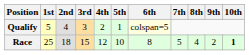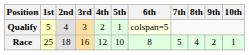 <table class="wikitable" style="font-size: 85%;">
 <tr>
 <th>Position</th>
 <th>1st</th>
 <th>2nd</th>
 <th>3rd</th>
 <th>4th</th>
 <th>5th</th>
 <th>6th</th>
 <th>7th</th>
 <th>8th</th>
 <th>9th</th>
 <th>10th</th>
 </tr>
 <tr align="center">
 <th>Qualify</th>
 <td style="background:#FFFFBF;">5</td>
 <td style="background:#DFDFDF;">4</td>
 <td style="background:#FFDF9F;">3</td>
 <td style="background:#DFFFDF;">2</td>
 <td style="background:#DFFFDF;">1</td>
 <td style="background: lightyellow;">colspan=5 </td>
 </tr>
 <tr align="center">
 <th>Race</th>
 <td style="background:#FFFFBF;">25</td>
 <td style="background:#DFDFDF;">18</td>
-<td style="background:#FFDF9F;">15</td>
+<td style="background:#FFDF9F;">16</td>
 <td style="background:#DFFFDF;">12</td>
 <td style="background:#DFFFDF;">10</td>
 <td style="background:#DFFFDF;">8</td>
 <td style="background:#DFFFDF;">5</td>
 <td style="background:#DFFFDF;">4</td>
 <td style="background:#DFFFDF;">2</td>
-<td style="background:#DFFFDF;"><strong>1</strong></td>
+<td style="background:#DFFFDF;">1</td>
 </tr>
 </table>
